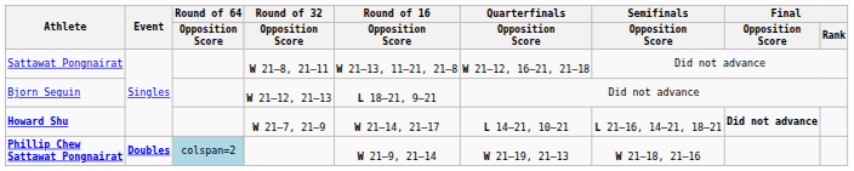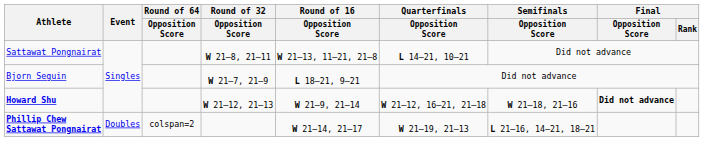 <table class=wikitable style="font-size:90%">
 <tr>
 <th rowspan=2>Athlete</th>
 <th rowspan=2>Event</th>
 <th>Round of 64</th>
 <th>Round of 32</th>
 <th>Round of 16</th>
 <th>Quarterfinals</th>
 <th>Semifinals</th>
 <th colspan=2>Final</th>
 </tr>
 <tr style="font-size:95%">
 <th>Opposition<br>Score</th>
 <th>Opposition<br>Score</th>
 <th>Opposition<br>Score</th>
 <th>Opposition<br>Score</th>
 <th>Opposition<br>Score</th>
 <th>Opposition<br>Score</th>
 <th>Rank</th>
 </tr>
 <tr align=center>
 <td align=left><a href='#'>Sattawat Pongnairat</a></td>
 <td align=left rowspan=3><a href='#'>Singles</a></td>
 <td></td>
 <td><br><strong>W</strong> 21–8, 21–11</td>
 <td><br><strong>W</strong> 21–13, 11–21, 21–8</td>
-<td><br><strong>W</strong> 21–12, 16–21, 21–18</td>
+<td><br><strong>L</strong> 14–21, 10–21</td>
 <td colspan=3>Did not advance</td>
 </tr>
 <tr align=center>
 <td align=left><a href='#'>Bjorn Seguin</a></td>
 <td></td>
-<td><br><strong>W</strong> 21–12, 21–13</td>
+<td><br><strong>W</strong> 21–7, 21–9</td>
 <td><br><strong>L</strong> 18–21, 9–21</td>
 <td colspan=4>Did not advance</td>
 </tr>
 <tr align=center>
 <td align=left><strong><a href='#'>Howard Shu</a></strong></td>
 <td></td>
-<td><br><strong>W</strong> 21–7, 21–9</td>
-<td><br><strong>W</strong> 21–14, 21–17</td>
-<td><br><strong>L</strong> 14–21, 10–21</td>
-<td><br><strong>L</strong> 21–16, 14–21, 18–21</td>
+<td><br><strong>W</strong> 21–12, 21–13</td>
+<td><br><strong>W</strong> 21–9, 21–14</td>
+<td><br><strong>W</strong> 21–12, 16–21, 21–18</td>
+<td><br><strong>W</strong> 21–18, 21–16</td>
 <td><strong>Did not advance</strong></td>
 <td></td>
 </tr>
 <tr align=center>
 <td align=left><strong><a href='#'>Phillip Chew</a><br><a href='#'>Sattawat Pongnairat</a></strong></td>
-<td><strong><a href='#'>Doubles</a></strong></td>
-<td style="background: lightblue;">colspan=2 </td>
+<td><a href='#'>Doubles</a></td>
+<td>colspan=2 </td>
 <td></td>
-<td><br><strong>W</strong> 21–9, 21–14</td>
+<td><br><strong>W</strong> 21–14, 21–17</td>
 <td><br><strong>W</strong> 21–19, 21–13</td>
-<td><br><strong>W</strong> 21–18, 21–16</td>
+<td><br><strong>L</strong> 21–16, 14–21, 18–21</td>
 <td></td>
 </tr>
 </table>
